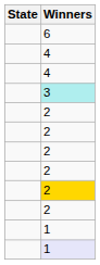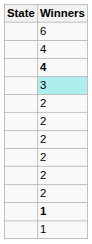 <table class="wikitable sortable">
 <tr>
 <th>State</th>
 <th>Winners</th>
 </tr>
 <tr>
 <td></td>
 <td>6</td>
 </tr>
 <tr>
 <td></td>
 <td>4</td>
 </tr>
 <tr>
 <td></td>
-<td>4</td>
+<td><strong>4</strong></td>
 </tr>
 <tr>
 <td></td>
 <td style="background: paleturquoise;">3</td>
 </tr>
 <tr>
 <td></td>
 <td>2</td>
 </tr>
 <tr>
 <td></td>
 <td>2</td>
 </tr>
 <tr>
 <td></td>
 <td>2</td>
 </tr>
 <tr>
 <td></td>
 <td>2</td>
 </tr>
 <tr>
 <td></td>
-<td style="background: gold;">2</td>
+<td>2</td>
 </tr>
 <tr>
 <td></td>
 <td>2</td>
 </tr>
 <tr>
 <td></td>
-<td>1</td>
+<td><strong>1</strong></td>
 </tr>
 <tr>
 <td></td>
-<td style="background: lavender;">1</td>
+<td>1</td>
 </tr>
 </table>
